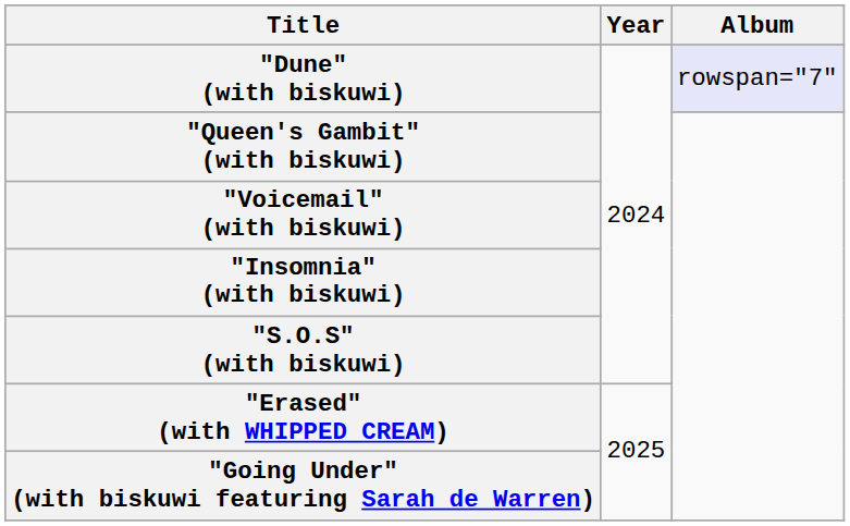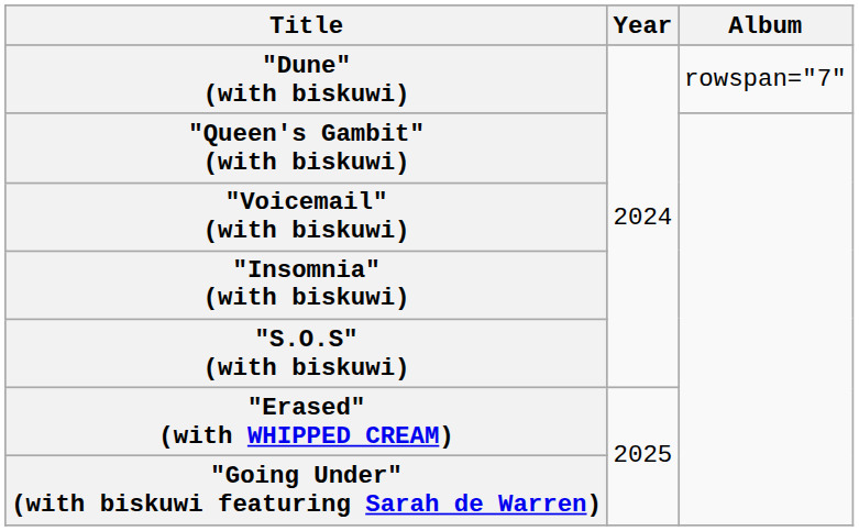 <table class="wikitable plainrowheaders" style="text-align:center; text-align:center">
 <tr>
 <th scope="col">Title</th>
 <th>Year</th>
 <th>Album</th>
 </tr>
 <tr>
 <th scope="row">"Dune"<br><span>(with biskuwi)</span></th>
 <td rowspan="5">2024</td>
-<td style="background: lavender;">rowspan="7" </td>
+<td>rowspan="7" </td>
 </tr>
 <tr>
 <th scope="row">"Queen's Gambit" <br><span>(with biskuwi)</span></th>
 </tr>
 <tr>
 <th scope="row">"Voicemail" <br><span>(with biskuwi)</span></th>
 </tr>
 <tr>
 <th scope="row">"Insomnia" <br><span>(with biskuwi)</span></th>
 </tr>
 <tr>
 <th scope="row">"S.O.S" <br><span>(with biskuwi)</span></th>
 </tr>
 <tr>
 <th scope="row">"Erased"<br><span>(with <a href='#'>WHIPPED CREAM</a>)</span></th>
 <td rowspan="2">2025</td>
 </tr>
 <tr>
 <th scope="row">"Going Under" <br><span>(with biskuwi featuring <a href='#'>Sarah de Warren</a>)</span></th>
 </tr>
 </table>
